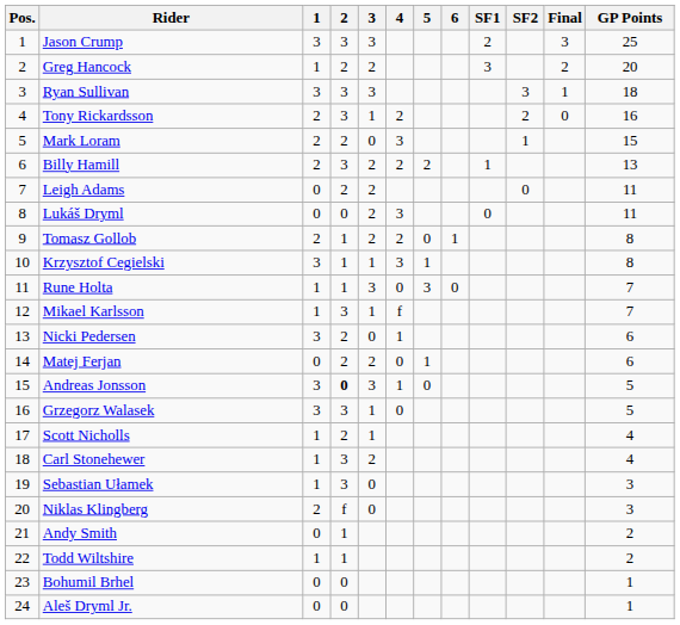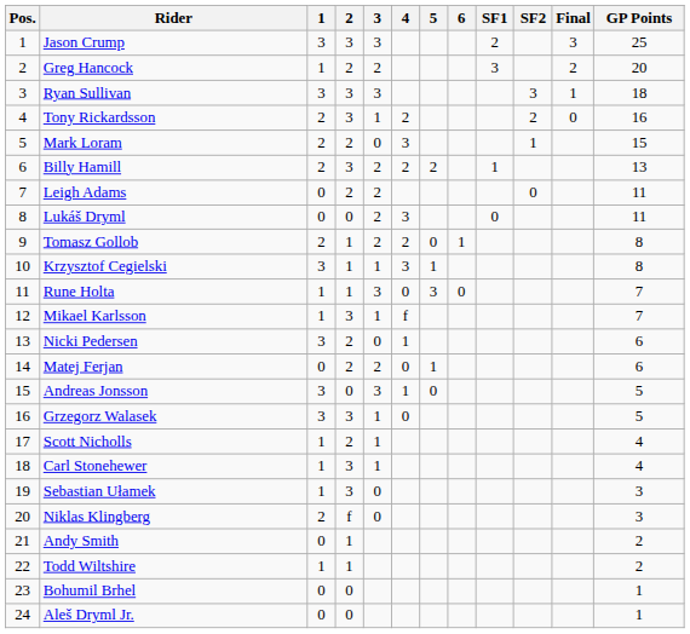 <table class=wikitable style="font-size:93%;">
 <tr>
 <th width=25px>Pos.</th>
 <th width=250px>Rider</th>
 <th width=20px>1</th>
 <th width=20px>2</th>
 <th width=20px>3</th>
 <th width=20px>4</th>
 <th width=20px>5</th>
 <th width=20px>6</th>
 <th width=30px>SF1</th>
 <th width=30px>SF2</th>
 <th width=30px>Final</th>
 <th width=80px>GP Points</th>
 </tr>
 <tr align=center style="background-color:">
 <td>1</td>
 <td align=left> <a href='#'>Jason Crump</a></td>
 <td>3</td>
 <td>3</td>
 <td>3</td>
 <td></td>
 <td></td>
 <td></td>
 <td>  2</td>
 <td></td>
 <td>3</td>
 <td>25</td>
 </tr>
 <tr align=center style="background-color:">
 <td>2</td>
 <td align=left> <a href='#'>Greg Hancock</a></td>
 <td>1</td>
 <td>2</td>
 <td>2</td>
 <td></td>
 <td></td>
 <td></td>
 <td> 3</td>
 <td></td>
 <td>2</td>
 <td>20</td>
 </tr>
 <tr align=center style="background-color:">
 <td>3</td>
 <td align=left> <a href='#'>Ryan Sullivan</a></td>
 <td>3</td>
 <td>3</td>
 <td>3</td>
 <td></td>
 <td></td>
 <td></td>
 <td></td>
 <td>3</td>
 <td>1</td>
 <td>18</td>
 </tr>
 <tr align=center>
 <td>4</td>
 <td align=left> <a href='#'>Tony Rickardsson</a></td>
 <td>2</td>
 <td>3</td>
 <td>1</td>
 <td>2</td>
 <td></td>
 <td></td>
 <td></td>
 <td>2</td>
 <td>0</td>
 <td>16</td>
 </tr>
 <tr align=center>
 <td>5</td>
 <td align=left> <a href='#'>Mark Loram</a></td>
 <td>2</td>
 <td>2</td>
 <td>0</td>
 <td>3</td>
 <td></td>
 <td></td>
 <td></td>
 <td>1</td>
 <td></td>
 <td>15</td>
 </tr>
 <tr align=center>
 <td>6</td>
 <td align=left> <a href='#'>Billy Hamill</a></td>
 <td>2</td>
 <td>3</td>
 <td>2</td>
 <td>2</td>
 <td>2</td>
 <td></td>
 <td>1</td>
 <td></td>
 <td></td>
 <td>13</td>
 </tr>
 <tr align=center>
 <td>7</td>
 <td align=left> <a href='#'>Leigh Adams</a></td>
 <td>0</td>
 <td>2</td>
 <td>2</td>
 <td></td>
 <td></td>
 <td></td>
 <td></td>
 <td>0</td>
 <td></td>
 <td>11</td>
 </tr>
 <tr align=center>
 <td>8</td>
 <td align=left> <a href='#'>Lukáš Dryml</a></td>
 <td>0</td>
 <td>0</td>
 <td>2</td>
 <td>3</td>
 <td></td>
 <td></td>
 <td>0</td>
 <td></td>
 <td></td>
 <td>11</td>
 </tr>
 <tr align=center>
 <td>9</td>
 <td align=left> <a href='#'>Tomasz Gollob</a></td>
 <td>2</td>
 <td>1</td>
 <td>2</td>
 <td>2</td>
 <td>0</td>
 <td>1</td>
 <td></td>
 <td></td>
 <td></td>
 <td>8</td>
 </tr>
 <tr align=center>
 <td>10</td>
 <td align=left> <a href='#'>Krzysztof Cegielski</a></td>
 <td>3</td>
 <td>1</td>
 <td>1</td>
 <td>3</td>
 <td>1</td>
 <td></td>
 <td></td>
 <td></td>
 <td></td>
 <td>8</td>
 </tr>
 <tr align=center>
 <td>11</td>
 <td align=left> <a href='#'>Rune Holta</a></td>
 <td>1</td>
 <td>1</td>
 <td>3</td>
 <td>0</td>
 <td>3</td>
 <td>0</td>
 <td></td>
 <td></td>
 <td></td>
 <td>7</td>
 </tr>
 <tr align=center>
 <td>12</td>
 <td align=left> <a href='#'>Mikael Karlsson</a></td>
 <td>1</td>
 <td>3</td>
 <td>1</td>
 <td>f</td>
 <td></td>
 <td></td>
 <td></td>
 <td></td>
 <td></td>
 <td>7</td>
 </tr>
 <tr align=center>
 <td>13</td>
 <td align=left> <a href='#'>Nicki Pedersen</a></td>
 <td>3</td>
 <td>2</td>
 <td>0</td>
 <td>1</td>
 <td></td>
 <td></td>
 <td></td>
 <td></td>
 <td></td>
 <td>6</td>
 </tr>
 <tr align=center>
 <td>14</td>
 <td align=left> <a href='#'>Matej Ferjan</a></td>
 <td>0</td>
 <td>2</td>
 <td>2</td>
 <td>0</td>
 <td>1</td>
 <td></td>
 <td></td>
 <td></td>
 <td></td>
 <td>6</td>
 </tr>
 <tr align=center>
 <td>15</td>
 <td align=left> <a href='#'>Andreas Jonsson</a></td>
 <td>3</td>
-<td><strong>0</strong></td>
+<td>0</td>
 <td>3</td>
 <td>1</td>
 <td>0</td>
 <td></td>
 <td></td>
 <td></td>
 <td></td>
 <td>5</td>
 </tr>
 <tr align=center>
 <td>16</td>
 <td align=left> <a href='#'>Grzegorz Walasek</a></td>
 <td>3</td>
 <td>3</td>
 <td>1</td>
 <td>0</td>
 <td></td>
 <td></td>
 <td></td>
 <td></td>
 <td></td>
 <td>5</td>
 </tr>
 <tr align=center>
 <td>17</td>
 <td align=left> <a href='#'>Scott Nicholls</a></td>
 <td>1</td>
 <td>2</td>
 <td>1</td>
 <td></td>
 <td></td>
 <td></td>
 <td></td>
 <td></td>
 <td></td>
 <td>4</td>
 </tr>
 <tr align=center>
 <td>18</td>
 <td align=left> <a href='#'>Carl Stonehewer</a></td>
 <td>1</td>
 <td>3</td>
-<td>2</td>
+<td>1</td>
 <td></td>
 <td></td>
 <td></td>
 <td></td>
 <td></td>
 <td></td>
 <td>4</td>
 </tr>
 <tr align=center>
 <td>19</td>
 <td align=left> <a href='#'>Sebastian Ułamek</a></td>
 <td>1</td>
 <td>3</td>
 <td>0</td>
 <td></td>
 <td></td>
 <td></td>
 <td></td>
 <td></td>
 <td></td>
 <td>3</td>
 </tr>
 <tr align=center>
 <td>20</td>
 <td align=left> <a href='#'>Niklas Klingberg</a></td>
 <td>2</td>
 <td>f</td>
 <td>0</td>
 <td></td>
 <td></td>
 <td></td>
 <td></td>
 <td></td>
 <td></td>
 <td>3</td>
 </tr>
 <tr align=center>
 <td>21</td>
 <td align=left> <a href='#'>Andy Smith</a></td>
 <td>0</td>
 <td>1</td>
 <td></td>
 <td></td>
 <td></td>
 <td></td>
 <td></td>
 <td></td>
 <td></td>
 <td>2</td>
 </tr>
 <tr align=center>
 <td>22</td>
 <td align=left> <a href='#'>Todd Wiltshire</a></td>
 <td>1</td>
 <td>1</td>
 <td></td>
 <td></td>
 <td></td>
 <td></td>
 <td></td>
 <td></td>
 <td></td>
 <td>2</td>
 </tr>
 <tr align=center>
 <td>23</td>
 <td align=left> <a href='#'>Bohumil Brhel</a></td>
 <td>0</td>
 <td>0</td>
 <td></td>
 <td></td>
 <td></td>
 <td></td>
 <td></td>
 <td></td>
 <td></td>
 <td>1</td>
 </tr>
 <tr align=center>
 <td>24</td>
 <td align=left> <a href='#'>Aleš Dryml Jr.</a></td>
 <td>0</td>
 <td>0</td>
 <td></td>
 <td></td>
 <td></td>
 <td></td>
 <td></td>
 <td></td>
 <td></td>
 <td>1</td>
 </tr>
 </table>
